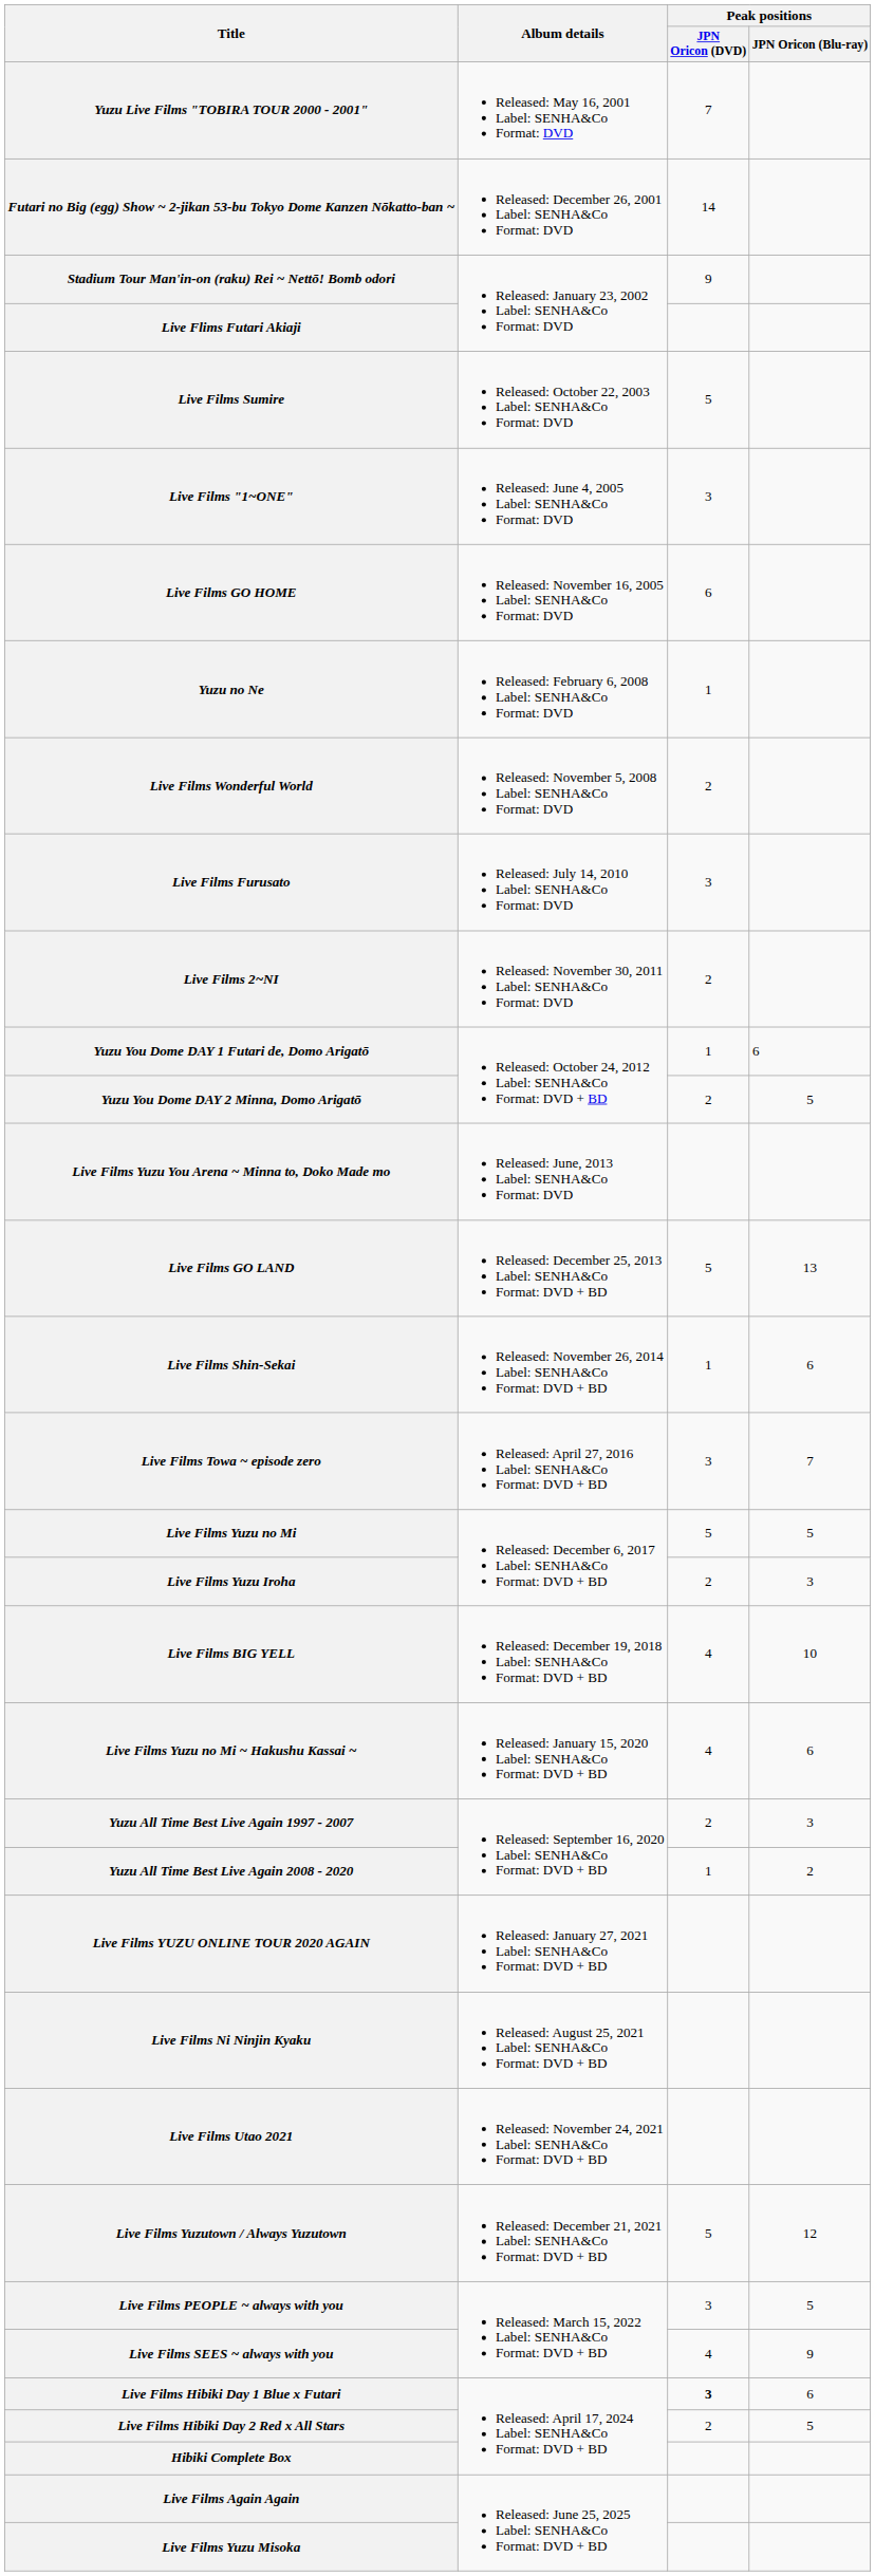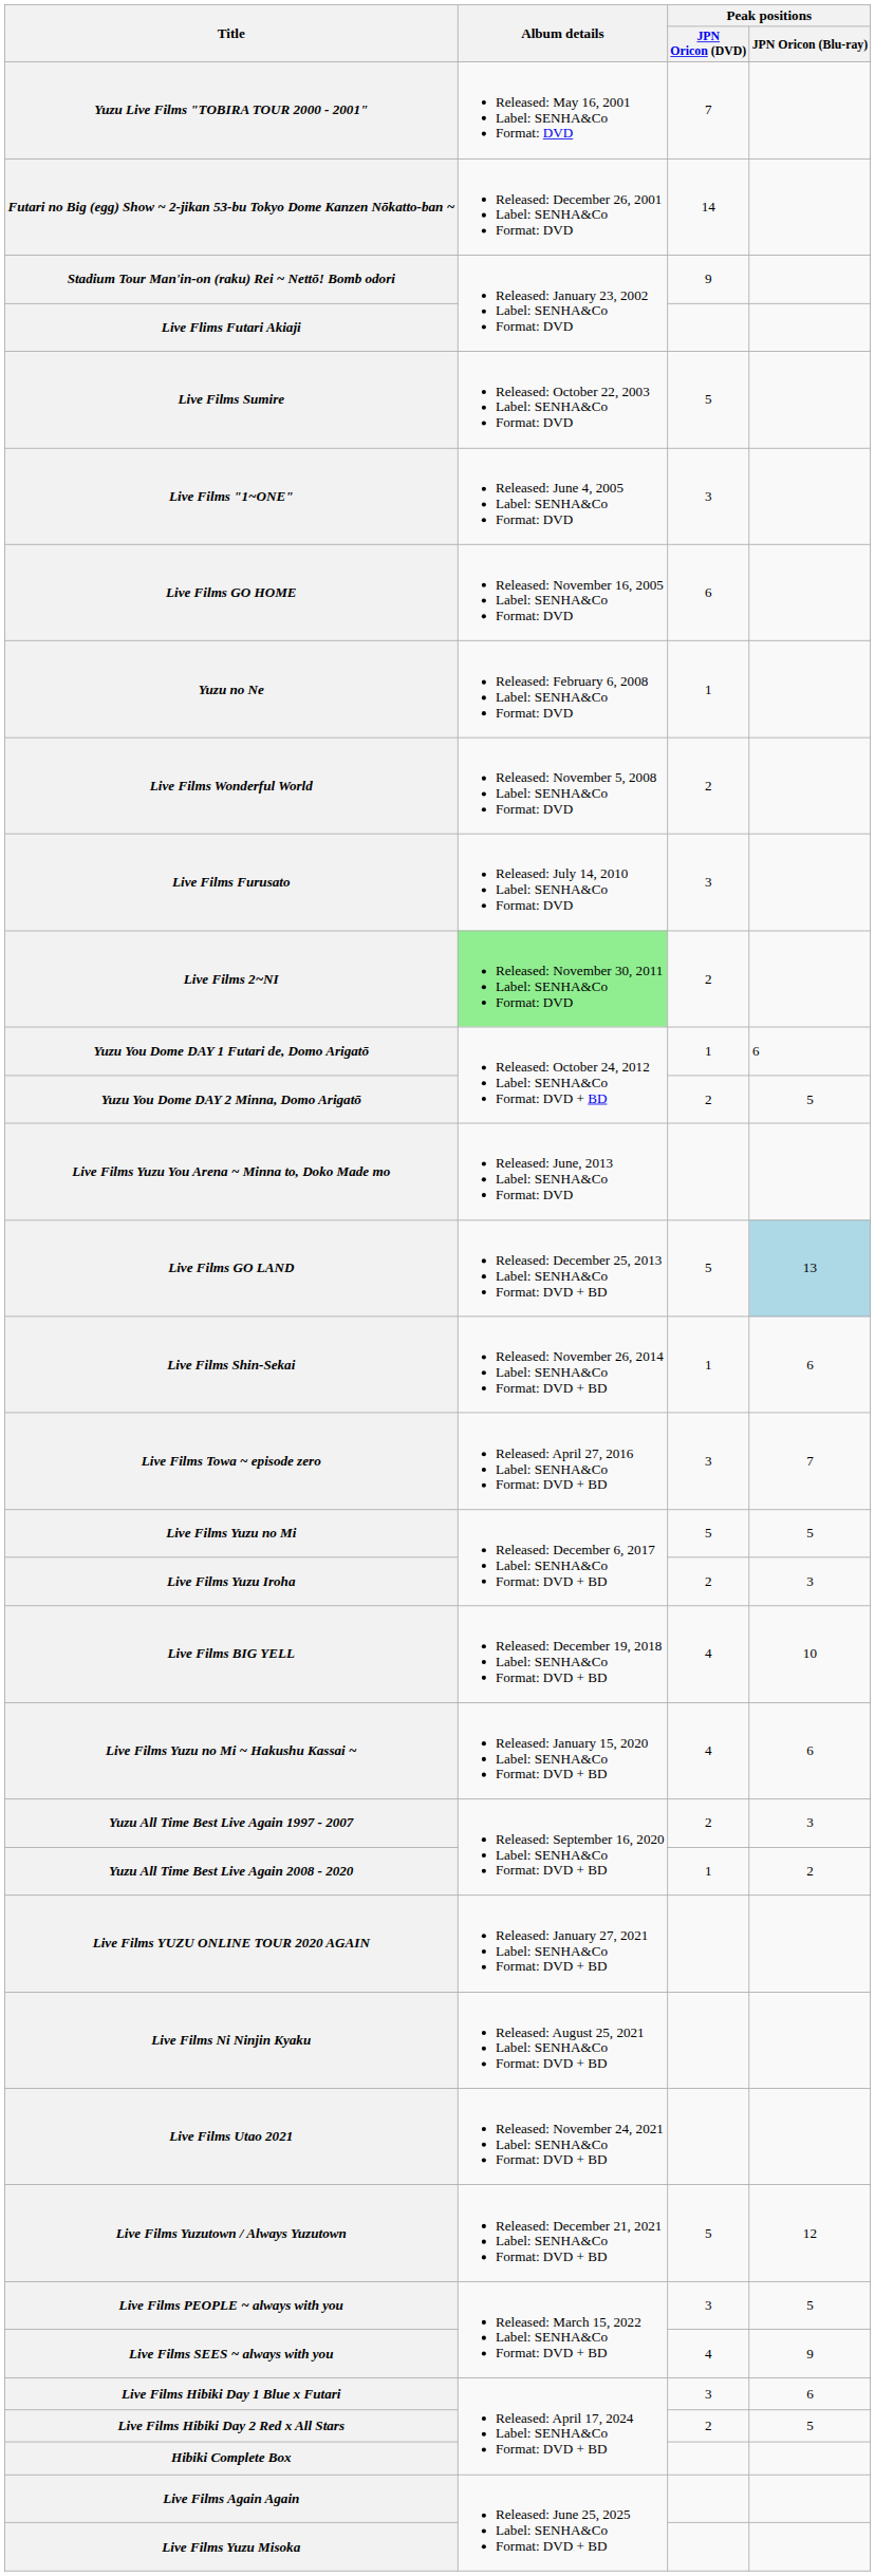 <table class="wikitable plainrowheaders">
 <tr>
 <th rowspan="2" scope="col">Title</th>
 <th rowspan="2" scope="col">Album details</th>
 <th colspan="2" scope="col">Peak positions</th>
 </tr>
 <tr>
 <th scope="col" style="font-size:90%;"><a href='#'>JPN<br>Oricon</a> (DVD)<br></th>
 <th scope="col" style="font-size:90%;">JPN Oricon (Blu-ray)<br></th>
 </tr>
 <tr>
 <th scope="row"><em>Yuzu Live Films "TOBIRA TOUR 2000 - 2001"</em></th>
 <td><br><ul><li>Released: May 16, 2001</li><li>Label: SENHA&Co</li><li>Format: <a href='#'>DVD</a></li></ul></td>
 <td align="center">7</td>
 <td></td>
 </tr>
 <tr>
 <th scope="row"><em>Futari no Big (egg) Show ~ 2-jikan 53-bu Tokyo Dome Kanzen Nōkatto-ban ~</em></th>
 <td><br><ul><li>Released: December 26, 2001</li><li>Label: SENHA&Co</li><li>Format: DVD</li></ul></td>
 <td align="center">14</td>
 <td></td>
 </tr>
 <tr>
 <th scope="row"><em>Stadium Tour Man'in-on (raku) Rei ~ Nettō! Bomb odori</em></th>
 <td rowspan="2"><br><ul><li>Released: January 23, 2002</li><li>Label: SENHA&Co</li><li>Format: DVD</li></ul></td>
 <td align="center">9</td>
 <td></td>
 </tr>
 <tr>
 <th scope="row"><em>Live Flims Futari Akiaji</em></th>
 <td></td>
 <td></td>
 </tr>
 <tr>
 <th scope="row"><em>Live Films Sumire</em></th>
 <td><br><ul><li>Released: October 22, 2003</li><li>Label: SENHA&Co</li><li>Format: DVD</li></ul></td>
 <td align="center">5</td>
 <td></td>
 </tr>
 <tr>
 <th scope="row"><em>Live Films "1~ONE"</em></th>
 <td><br><ul><li>Released: June 4, 2005</li><li>Label: SENHA&Co</li><li>Format: DVD</li></ul></td>
 <td align="center">3</td>
 <td></td>
 </tr>
 <tr>
 <th scope="row"><em>Live Films GO HOME</em></th>
 <td><br><ul><li>Released: November 16, 2005</li><li>Label: SENHA&Co</li><li>Format: DVD</li></ul></td>
 <td align="center">6</td>
 <td></td>
 </tr>
 <tr>
 <th scope="row"><em>Yuzu no Ne</em></th>
 <td><br><ul><li>Released: February 6, 2008</li><li>Label: SENHA&Co</li><li>Format: DVD</li></ul></td>
 <td align="center">1</td>
 <td></td>
 </tr>
 <tr>
 <th scope="row"><em>Live Films Wonderful World</em></th>
 <td><br><ul><li>Released: November 5, 2008</li><li>Label: SENHA&Co</li><li>Format: DVD</li></ul></td>
 <td align="center">2</td>
 <td></td>
 </tr>
 <tr>
 <th scope="row"><em>Live Films Furusato</em></th>
 <td><br><ul><li>Released: July 14, 2010</li><li>Label: SENHA&Co</li><li>Format: DVD</li></ul></td>
 <td align="center">3</td>
 <td></td>
 </tr>
 <tr>
 <th scope="row"><em>Live Films 2~NI</em></th>
-<td><br><ul><li>Released: November 30, 2011</li><li>Label: SENHA&Co</li><li>Format: DVD</li></ul></td>
+<td style="background: lightgreen;"><br><ul><li>Released: November 30, 2011</li><li>Label: SENHA&Co</li><li>Format: DVD</li></ul></td>
 <td align="center">2</td>
 <td></td>
 </tr>
 <tr>
 <th scope="row"><em>Yuzu You Dome DAY 1 Futari de, Domo Arigatō</em></th>
 <td rowspan="2"><br><ul><li>Released: October 24, 2012</li><li>Label: SENHA&Co</li><li>Format: DVD + <a href='#'>BD</a></li></ul></td>
 <td align="center">1</td>
 <td>6</td>
 </tr>
 <tr>
 <th scope="row"><em>Yuzu You Dome DAY 2 Minna, Domo Arigatō</em></th>
 <td align="center">2</td>
 <td align="center">5</td>
 </tr>
 <tr>
 <th scope="row"><em>Live Films Yuzu You Arena ~ Minna to, Doko Made mo</em></th>
 <td><br><ul><li>Released: June, 2013</li><li>Label: SENHA&Co</li><li>Format: DVD</li></ul></td>
 <td></td>
 <td></td>
 </tr>
 <tr>
 <th scope="row"><em>Live Films GO LAND</em></th>
 <td><br><ul><li>Released: December 25, 2013</li><li>Label: SENHA&Co</li><li>Format: DVD + BD</li></ul></td>
 <td align="center">5</td>
-<td align="center">13</td>
+<td align="center" style="background: lightblue;">13</td>
 </tr>
 <tr>
 <th scope="row"><em>Live Films Shin-Sekai</em></th>
 <td><br><ul><li>Released: November 26, 2014</li><li>Label: SENHA&Co</li><li>Format: DVD + BD</li></ul></td>
 <td align="center">1</td>
 <td align="center">6</td>
 </tr>
 <tr>
 <th scope="row"><em>Live Films Towa ~ episode zero</em></th>
 <td><br><ul><li>Released: April 27, 2016</li><li>Label: SENHA&Co</li><li>Format: DVD + BD</li></ul></td>
 <td align="center">3</td>
 <td align="center">7</td>
 </tr>
 <tr>
 <th scope="row"><em>Live Films Yuzu no Mi</em></th>
 <td rowspan="2"><br><ul><li>Released: December 6, 2017</li><li>Label: SENHA&Co</li><li>Format: DVD + BD</li></ul></td>
 <td align="center">5</td>
 <td align="center">5</td>
 </tr>
 <tr>
 <th scope="row"><em>Live Films Yuzu Iroha</em></th>
 <td align="center">2</td>
 <td align="center">3</td>
 </tr>
 <tr>
 <th scope="row"><em>Live Films BIG YELL</em></th>
 <td><br><ul><li>Released: December 19, 2018</li><li>Label: SENHA&Co</li><li>Format: DVD + BD</li></ul></td>
 <td align="center">4</td>
 <td align="center">10</td>
 </tr>
 <tr>
 <th scope="row"><em>Live Films Yuzu no Mi ~ Hakushu Kassai ~</em></th>
 <td><br><ul><li>Released: January 15, 2020</li><li>Label: SENHA&Co</li><li>Format: DVD + BD</li></ul></td>
 <td align="center">4</td>
 <td align="center">6</td>
 </tr>
 <tr>
 <th scope="row"><em>Yuzu All Time Best Live Again 1997 - 2007</em></th>
 <td rowspan="2"><br><ul><li>Released: September 16, 2020</li><li>Label: SENHA&Co</li><li>Format: DVD + BD</li></ul></td>
 <td align="center">2</td>
 <td align="center">3</td>
 </tr>
 <tr>
 <th scope="row"><em>Yuzu All Time Best Live Again 2008 - 2020</em></th>
 <td align="center">1</td>
 <td align="center">2</td>
 </tr>
 <tr>
 <th scope="row"><em>Live Films YUZU ONLINE TOUR 2020 AGAIN</em></th>
 <td><br><ul><li>Released: January 27, 2021</li><li>Label: SENHA&Co</li><li>Format: DVD + BD</li></ul></td>
 <td></td>
 <td></td>
 </tr>
 <tr>
 <th scope="row"><em>Live Films Ni Ninjin Kyaku</em></th>
 <td><br><ul><li>Released: August 25, 2021</li><li>Label: SENHA&Co</li><li>Format: DVD + BD</li></ul></td>
 <td></td>
 <td></td>
 </tr>
 <tr>
 <th scope="row"><em>Live Films Utao 2021</em></th>
 <td><br><ul><li>Released: November 24, 2021</li><li>Label: SENHA&Co</li><li>Format: DVD + BD</li></ul></td>
 <td></td>
 <td></td>
 </tr>
 <tr>
 <th scope="row"><em>Live Films Yuzutown / Always Yuzutown</em></th>
 <td><br><ul><li>Released: December 21, 2021</li><li>Label: SENHA&Co</li><li>Format: DVD + BD</li></ul></td>
 <td align="center">5</td>
 <td align="center">12</td>
 </tr>
 <tr>
 <th scope="row"><em>Live Films PEOPLE ~ always with you</em></th>
 <td rowspan="2"><br><ul><li>Released: March 15, 2022</li><li>Label: SENHA&Co</li><li>Format: DVD + BD</li></ul></td>
 <td align="center">3</td>
 <td align="center">5</td>
 </tr>
 <tr>
 <th scope="row"><em>Live Films SEES ~ always with you</em></th>
 <td align="center">4</td>
 <td align="center">9</td>
 </tr>
 <tr>
 <th scope="row"><em>Live Films Hibiki Day 1 Blue x Futari</em></th>
 <td rowspan="3"><br><ul><li>Released: April 17, 2024</li><li>Label: SENHA&Co</li><li>Format: DVD + BD</li></ul></td>
-<td align="center"><strong>3</strong></td>
+<td align="center">3</td>
 <td align="center">6</td>
 </tr>
 <tr>
 <th scope="row"><em>Live Films Hibiki Day 2 Red x All Stars</em></th>
 <td align="center">2</td>
 <td align="center">5</td>
 </tr>
 <tr>
 <th scope="row"><em>Hibiki Complete Box</em></th>
 <td></td>
 <td></td>
 </tr>
 <tr>
 <th scope="row"><em>Live Films Again Again</em></th>
 <td rowspan="2"><br><ul><li>Released:  June 25, 2025</li><li>Label: SENHA&Co</li><li>Format: DVD + BD</li></ul></td>
 <td></td>
 <td></td>
 </tr>
 <tr>
 <th scope="row"><em>Live Films Yuzu Misoka</em></th>
 <td></td>
 <td></td>
 </tr>
 </table>
